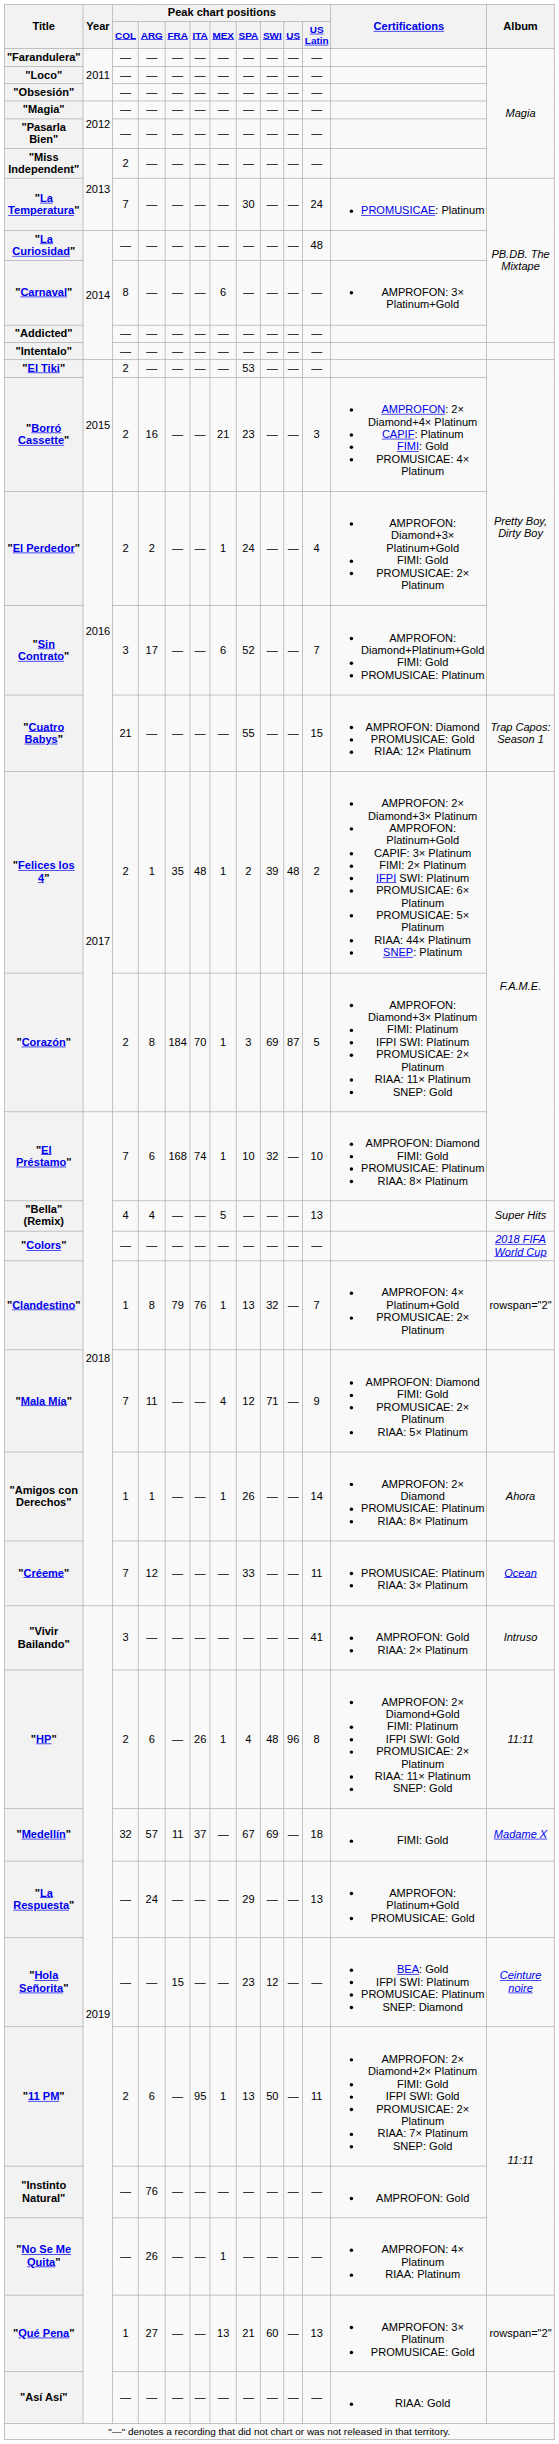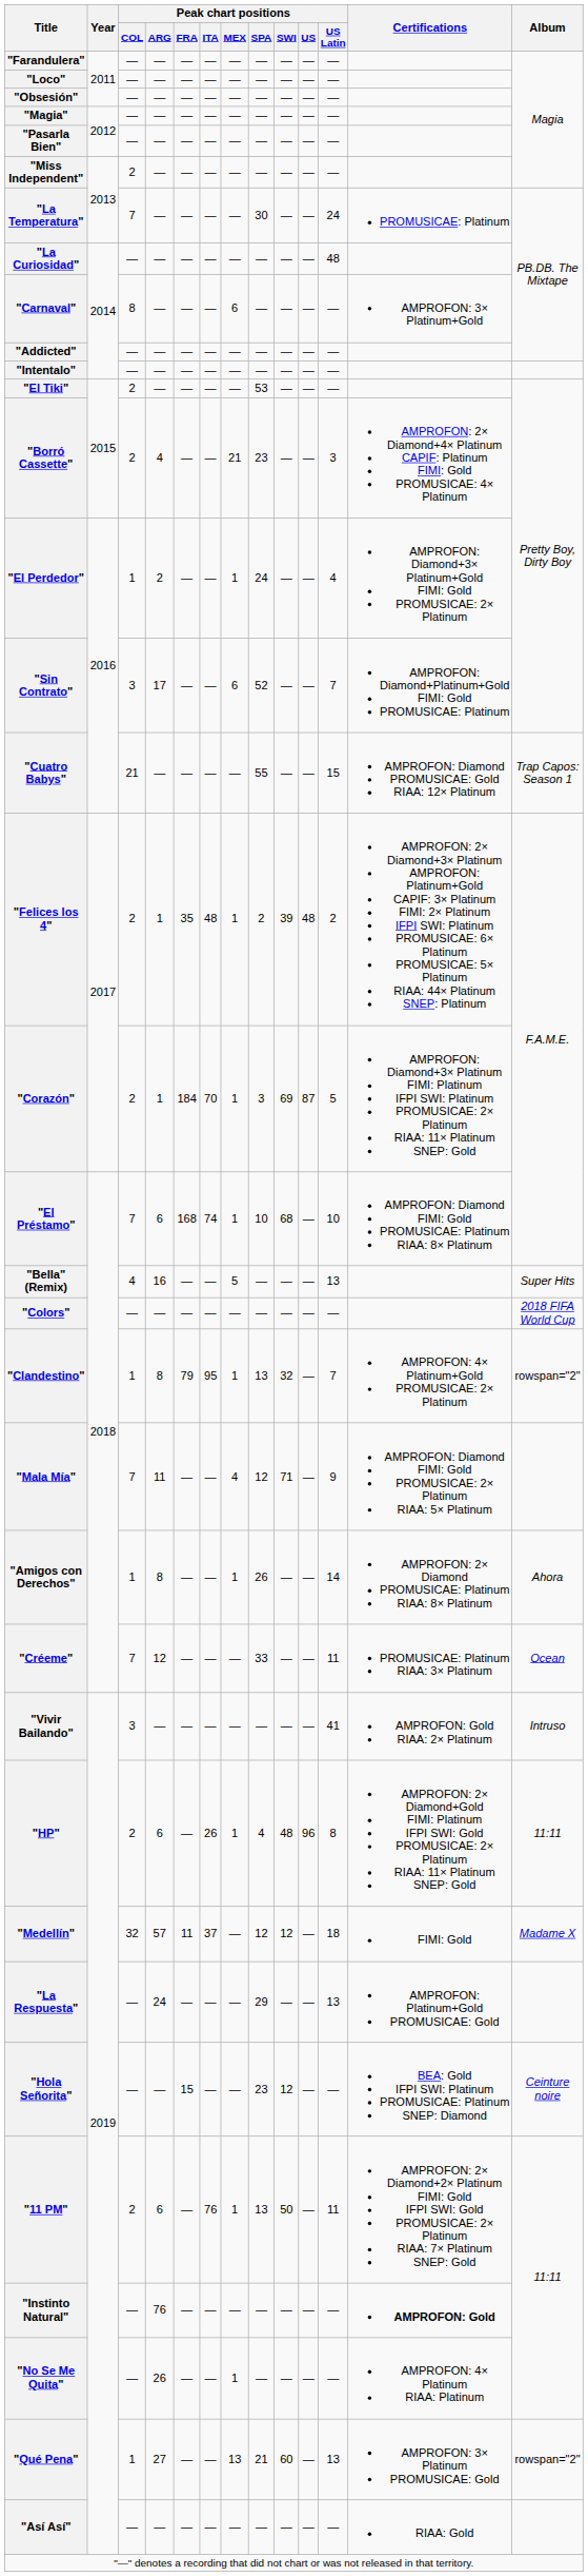 <table class="wikitable plainrowheaders" style="text-align:center;">
 <tr>
 <th scope="col" rowspan="2" style="width:16.5em;">Title</th>
 <th scope="col" rowspan="2" style="width:1em;">Year</th>
 <th scope="col" colspan="9">Peak chart positions</th>
 <th scope="col" rowspan="2" style="width:15em;"><a href='#'>Certifications</a></th>
 <th scope="col" rowspan="2">Album</th>
 </tr>
 <tr>
 <th scope="col" style="width:2.5em;font-size:90%;"><a href='#'>COL</a><br></th>
 <th scope="col" style="width:2.5em;font-size:90%;"><a href='#'>ARG</a><br></th>
 <th scope="col" style="width:2.5em;font-size:90%;"><a href='#'>FRA</a><br></th>
 <th scope="col" style="width:2.5em;font-size:90%;"><a href='#'>ITA</a><br></th>
 <th scope="col" style="width:2.5em;font-size:90%;"><a href='#'>MEX</a><br></th>
 <th scope="col" style="width:2.5em;font-size:90%;"><a href='#'>SPA</a><br></th>
 <th scope="col" style="width:2.5em;font-size:90%;"><a href='#'>SWI</a><br></th>
 <th scope="col" style="width:2.5em;font-size:90%;"><a href='#'>US</a><br></th>
 <th scope="col" style="width:2.5em;font-size:90%;"><a href='#'>US<br>Latin</a><br></th>
 </tr>
 <tr>
 <th scope="row">"Farandulera"</th>
 <td rowspan="3">2011</td>
 <td>—</td>
 <td>—</td>
 <td>—</td>
 <td>—</td>
 <td>—</td>
 <td>—</td>
 <td>—</td>
 <td>—</td>
 <td>—</td>
 <td></td>
 <td rowspan="6"><em>Magia</em></td>
 </tr>
 <tr>
 <th scope="row">"Loco"</th>
 <td>—</td>
 <td>—</td>
 <td>—</td>
 <td>—</td>
 <td>—</td>
 <td>—</td>
 <td>—</td>
 <td>—</td>
 <td>—</td>
 <td></td>
 </tr>
 <tr>
 <th scope="row">"Obsesión"</th>
 <td>—</td>
 <td>—</td>
 <td>—</td>
 <td>—</td>
 <td>—</td>
 <td>—</td>
 <td>—</td>
 <td>—</td>
 <td>—</td>
 <td></td>
 </tr>
 <tr>
 <th scope="row">"Magia"</th>
 <td rowspan="2">2012</td>
 <td>—</td>
 <td>—</td>
 <td>—</td>
 <td>—</td>
 <td>—</td>
 <td>—</td>
 <td>—</td>
 <td>—</td>
 <td>—</td>
 <td></td>
 </tr>
 <tr>
 <th scope="row">"Pasarla Bien"</th>
 <td>—</td>
 <td>—</td>
 <td>—</td>
 <td>—</td>
 <td>—</td>
 <td>—</td>
 <td>—</td>
 <td>—</td>
 <td>—</td>
 <td></td>
 </tr>
 <tr>
 <th scope="row">"Miss Independent"</th>
 <td rowspan="2">2013</td>
 <td>2</td>
 <td>—</td>
 <td>—</td>
 <td>—</td>
 <td>—</td>
 <td>—</td>
 <td>—</td>
 <td>—</td>
 <td>—</td>
 <td></td>
 </tr>
 <tr>
 <th scope="row">"<a href='#'>La Temperatura</a>"<br></th>
 <td>7</td>
 <td>—</td>
 <td>—</td>
 <td>—</td>
 <td>—</td>
 <td>30</td>
 <td>—</td>
 <td>—</td>
 <td>24</td>
 <td><br><ul><li><a href='#'>PROMUSICAE</a>: Platinum</li></ul></td>
 <td rowspan="4"><em>PB.DB. The Mixtape</em></td>
 </tr>
 <tr>
 <th scope="row">"<a href='#'>La Curiosidad</a>"</th>
 <td rowspan="4">2014</td>
 <td>—</td>
 <td>—</td>
 <td>—</td>
 <td>—</td>
 <td>—</td>
 <td>—</td>
 <td>—</td>
 <td>—</td>
 <td>48</td>
 <td></td>
 </tr>
 <tr>
 <th scope="row">"<a href='#'>Carnaval</a>"</th>
 <td>8</td>
 <td>—</td>
 <td>—</td>
 <td>—</td>
 <td>6</td>
 <td>—</td>
 <td>—</td>
 <td>—</td>
 <td>—</td>
 <td><br><ul><li>AMPROFON: 3× Platinum+Gold</li></ul></td>
 </tr>
 <tr>
 <th scope="row">"Addicted"</th>
 <td>—</td>
 <td>—</td>
 <td>—</td>
 <td>—</td>
 <td>—</td>
 <td>—</td>
 <td>—</td>
 <td>—</td>
 <td>—</td>
 <td></td>
 </tr>
 <tr>
 <th scope="row">"Intentalo"</th>
 <td>—</td>
 <td>—</td>
 <td>—</td>
 <td>—</td>
 <td>—</td>
 <td>—</td>
 <td>—</td>
 <td>—</td>
 <td>—</td>
 <td></td>
 <td></td>
 </tr>
 <tr>
 <th scope="row">"<a href='#'>El Tiki</a>"</th>
 <td rowspan="2">2015</td>
 <td>2</td>
 <td>—</td>
 <td>—</td>
 <td>—</td>
 <td>—</td>
 <td>53</td>
 <td>—</td>
 <td>—</td>
 <td>—</td>
 <td></td>
 <td rowspan="4"><em>Pretty Boy, Dirty Boy</em></td>
 </tr>
 <tr>
 <th scope="row">"<a href='#'>Borró Cassette</a>"</th>
 <td>2</td>
-<td>16</td>
+<td>4</td>
 <td>—</td>
 <td>—</td>
 <td>21</td>
 <td>23</td>
 <td>—</td>
 <td>—</td>
 <td>3</td>
 <td><br><ul><li><a href='#'>AMPROFON</a>: 2× Diamond+4× Platinum</li><li><a href='#'>CAPIF</a>: Platinum</li><li><a href='#'>FIMI</a>: Gold</li><li>PROMUSICAE: 4× Platinum</li></ul></td>
 </tr>
 <tr>
 <th scope="row">"<a href='#'>El Perdedor</a>"</th>
 <td rowspan="3">2016</td>
-<td>2</td>
+<td>1</td>
 <td>2</td>
 <td>—</td>
 <td>—</td>
 <td>1</td>
 <td>24</td>
 <td>—</td>
 <td>—</td>
 <td>4</td>
 <td><br><ul><li>AMPROFON: Diamond+3× Platinum+Gold</li><li>FIMI: Gold</li><li>PROMUSICAE: 2× Platinum</li></ul></td>
 </tr>
 <tr>
 <th scope="row">"<a href='#'>Sin Contrato</a>" </th>
 <td>3</td>
 <td>17</td>
 <td>—</td>
 <td>—</td>
 <td>6</td>
 <td>52</td>
 <td>—</td>
 <td>—</td>
 <td>7</td>
 <td><br><ul><li>AMPROFON: Diamond+Platinum+Gold</li><li>FIMI: Gold</li><li>PROMUSICAE: Platinum</li></ul></td>
 </tr>
 <tr>
 <th scope="row">"<a href='#'>Cuatro Babys</a>"<br></th>
 <td>21</td>
 <td>—</td>
 <td>—</td>
 <td>—</td>
 <td>—</td>
 <td>55</td>
 <td>—</td>
 <td>—</td>
 <td>15</td>
 <td><br><ul><li>AMPROFON: Diamond</li><li>PROMUSICAE: Gold</li><li>RIAA: 12× Platinum </li></ul></td>
 <td><em>Trap Capos: Season 1</em></td>
 </tr>
 <tr>
 <th scope="row">"<a href='#'>Felices los 4</a>"</th>
 <td rowspan="2">2017</td>
 <td>2</td>
 <td>1</td>
 <td>35</td>
 <td>48</td>
 <td>1</td>
 <td>2</td>
 <td>39</td>
 <td>48</td>
 <td>2</td>
 <td><br><ul><li>AMPROFON: 2× Diamond+3× Platinum</li><li>AMPROFON: Platinum+Gold  </li><li>CAPIF: 3× Platinum</li><li>FIMI: 2× Platinum</li><li><a href='#'>IFPI</a> SWI: Platinum</li><li>PROMUSICAE: 6× Platinum</li><li>PROMUSICAE: 5× Platinum  </li><li>RIAA: 44× Platinum </li><li><a href='#'>SNEP</a>: Platinum</li></ul></td>
 <td rowspan="3"><em>F.A.M.E.</em></td>
 </tr>
 <tr>
 <th scope="row">"<a href='#'>Corazón</a>"<br></th>
 <td>2</td>
-<td>8</td>
+<td>1</td>
 <td>184</td>
 <td>70</td>
 <td>1</td>
 <td>3</td>
 <td>69</td>
 <td>87</td>
 <td>5</td>
 <td><br><ul><li>AMPROFON: Diamond+3× Platinum</li><li>FIMI: Platinum</li><li>IFPI SWI: Platinum</li><li>PROMUSICAE: 2× Platinum</li><li>RIAA: 11× Platinum </li><li>SNEP: Gold</li></ul></td>
 </tr>
 <tr>
 <th scope="row">"<a href='#'>El Préstamo</a>"</th>
 <td rowspan="7">2018</td>
 <td>7</td>
 <td>6</td>
 <td>168</td>
 <td>74</td>
 <td>1</td>
 <td>10</td>
-<td>32</td>
+<td>68</td>
 <td>—</td>
 <td>10</td>
 <td><br><ul><li>AMPROFON: Diamond</li><li>FIMI: Gold</li><li>PROMUSICAE: Platinum</li><li>RIAA: 8× Platinum </li></ul></td>
 </tr>
 <tr>
 <th scope="row">"Bella" (Remix)<br></th>
 <td>4</td>
-<td>4</td>
+<td>16</td>
 <td>—</td>
 <td>—</td>
 <td>5</td>
 <td>—</td>
 <td>—</td>
 <td>—</td>
 <td>13</td>
 <td></td>
 <td><em>Super Hits</em></td>
 </tr>
 <tr>
 <th scope="row">"<a href='#'>Colors</a>"<br></th>
 <td>—</td>
 <td>—</td>
 <td>—</td>
 <td>—</td>
 <td>—</td>
 <td>—</td>
 <td>—</td>
 <td>—</td>
 <td>—</td>
 <td></td>
 <td><em><a href='#'>2018 FIFA World Cup</a></em></td>
 </tr>
 <tr>
 <th scope="row">"<a href='#'>Clandestino</a>"<br></th>
 <td>1</td>
 <td>8</td>
 <td>79</td>
-<td>76</td>
+<td>95</td>
 <td>1</td>
 <td>13</td>
 <td>32</td>
 <td>—</td>
 <td>7</td>
 <td><br><ul><li>AMPROFON: 4× Platinum+Gold</li><li>PROMUSICAE: 2× Platinum</li></ul></td>
 <td>rowspan="2" </td>
 </tr>
 <tr>
 <th scope="row">"<a href='#'>Mala Mía</a>"</th>
 <td>7</td>
 <td>11</td>
 <td>—</td>
 <td>—</td>
 <td>4</td>
 <td>12</td>
 <td>71</td>
 <td>—</td>
 <td>9</td>
 <td><br><ul><li>AMPROFON: Diamond</li><li>FIMI: Gold</li><li>PROMUSICAE: 2× Platinum</li><li>RIAA: 5× Platinum </li></ul></td>
 </tr>
 <tr>
 <th scope="row">"Amigos con Derechos"<br></th>
 <td>1</td>
-<td>1</td>
+<td>8</td>
 <td>—</td>
 <td>—</td>
 <td>1</td>
 <td>26</td>
 <td>—</td>
 <td>—</td>
 <td>14</td>
 <td><br><ul><li>AMPROFON: 2× Diamond</li><li>PROMUSICAE: Platinum</li><li>RIAA: 8× Platinum </li></ul></td>
 <td><em>Ahora</em></td>
 </tr>
 <tr>
 <th scope="row">"<a href='#'>Créeme</a>"<br></th>
 <td>7</td>
 <td>12</td>
 <td>—</td>
 <td>—</td>
 <td>—</td>
 <td>33</td>
 <td>—</td>
 <td>—</td>
 <td>11</td>
 <td><br><ul><li>PROMUSICAE: Platinum</li><li>RIAA: 3× Platinum </li></ul></td>
 <td><em><a href='#'>Ocean</a></em></td>
 </tr>
 <tr>
 <th scope="row">"Vivir Bailando"<br></th>
 <td rowspan="10">2019</td>
 <td>3</td>
 <td>—</td>
 <td>—</td>
 <td>—</td>
 <td>—</td>
 <td>—</td>
 <td>—</td>
 <td>—</td>
 <td>41</td>
 <td><br><ul><li>AMPROFON: Gold</li><li>RIAA: 2× Platinum </li></ul></td>
 <td><em>Intruso</em></td>
 </tr>
 <tr>
 <th scope="row">"<a href='#'>HP</a>"</th>
 <td>2</td>
 <td>6</td>
 <td>—</td>
 <td>26</td>
 <td>1</td>
 <td>4</td>
 <td>48</td>
 <td>96</td>
 <td>8</td>
 <td><br><ul><li>AMPROFON: 2× Diamond+Gold</li><li>FIMI: Platinum</li><li>IFPI SWI: Gold</li><li>PROMUSICAE: 2× Platinum</li><li>RIAA: 11× Platinum </li><li>SNEP: Gold</li></ul></td>
 <td><em>11:11</em></td>
 </tr>
 <tr>
 <th scope="row">"<a href='#'>Medellín</a>"<br></th>
 <td>32</td>
 <td>57</td>
 <td>11</td>
 <td>37</td>
 <td>—</td>
-<td>67</td>
-<td>69</td>
+<td>12</td>
+<td>12</td>
 <td>—</td>
 <td>18</td>
 <td><br><ul><li>FIMI: Gold</li></ul></td>
 <td><em><a href='#'>Madame X</a></em></td>
 </tr>
 <tr>
 <th scope="row">"<a href='#'>La Respuesta</a>"<br></th>
 <td>—</td>
 <td>24</td>
 <td>—</td>
 <td>—</td>
 <td>—</td>
 <td>29</td>
 <td>—</td>
 <td>—</td>
 <td>13</td>
 <td><br><ul><li>AMPROFON: Platinum+Gold</li><li>PROMUSICAE: Gold</li></ul></td>
 <td></td>
 </tr>
 <tr>
 <th scope="row">"<a href='#'>Hola Señorita</a>"<br></th>
 <td>—</td>
 <td>—</td>
 <td>15</td>
 <td>—</td>
 <td>—</td>
 <td>23</td>
 <td>12</td>
 <td>—</td>
 <td>—</td>
 <td><br><ul><li><a href='#'>BEA</a>: Gold</li><li>IFPI SWI: Platinum</li><li>PROMUSICAE: Platinum</li><li>SNEP: Diamond</li></ul></td>
 <td><em><a href='#'>Ceinture noire</a></em></td>
 </tr>
 <tr>
 <th scope="row">"<a href='#'>11 PM</a>"</th>
 <td>2</td>
 <td>6</td>
 <td>—</td>
-<td>95</td>
+<td>76</td>
 <td>1</td>
 <td>13</td>
 <td>50</td>
 <td>—</td>
 <td>11</td>
 <td><br><ul><li>AMPROFON: 2× Diamond+2× Platinum</li><li>FIMI: Gold</li><li>IFPI SWI: Gold</li><li>PROMUSICAE: 2× Platinum</li><li>RIAA: 7× Platinum </li><li>SNEP: Gold</li></ul></td>
 <td rowspan="3"><em>11:11</em></td>
 </tr>
 <tr>
 <th scope="row">"Instinto Natural"<br></th>
 <td>—</td>
 <td>76</td>
 <td>—</td>
 <td>—</td>
 <td>—</td>
 <td>—</td>
 <td>—</td>
 <td>—</td>
 <td>—</td>
-<td><br><ul><li>AMPROFON: Gold</li></ul></td>
+<td><strong><br><ul><li>AMPROFON: Gold</li></ul></strong></td>
 </tr>
 <tr>
 <th scope="row">"<a href='#'>No Se Me Quita</a>"<br></th>
 <td>—</td>
 <td>26</td>
 <td>—</td>
 <td>—</td>
 <td>1</td>
 <td>—</td>
 <td>—</td>
 <td>—</td>
 <td>—</td>
 <td><br><ul><li>AMPROFON: 4× Platinum</li><li>RIAA: Platinum </li></ul></td>
 </tr>
 <tr>
 <th scope="row">"<a href='#'>Qué Pena</a>"<br></th>
 <td>1</td>
 <td>27</td>
 <td>—</td>
 <td>—</td>
 <td>13</td>
 <td>21</td>
 <td>60</td>
 <td>—</td>
 <td>13</td>
 <td><br><ul><li>AMPROFON: 3× Platinum</li><li>PROMUSICAE: Gold</li></ul></td>
 <td>rowspan="2" </td>
 </tr>
 <tr>
 <th scope="row">"Así Así"<br></th>
 <td>—</td>
 <td>—</td>
 <td>—</td>
 <td>—</td>
 <td>—</td>
 <td>—</td>
 <td>—</td>
 <td>—</td>
 <td>—</td>
 <td><br><ul><li>RIAA: Gold </li></ul></td>
 </tr>
 <tr>
 <td colspan="14" style="font-size:90%">"—" denotes a recording that did not chart or was not released in that territory.</td>
 </tr>
 </table>
